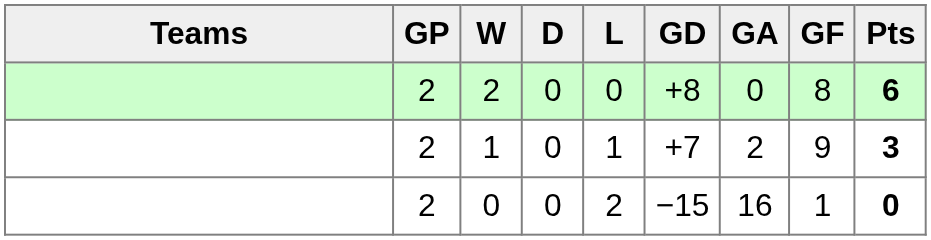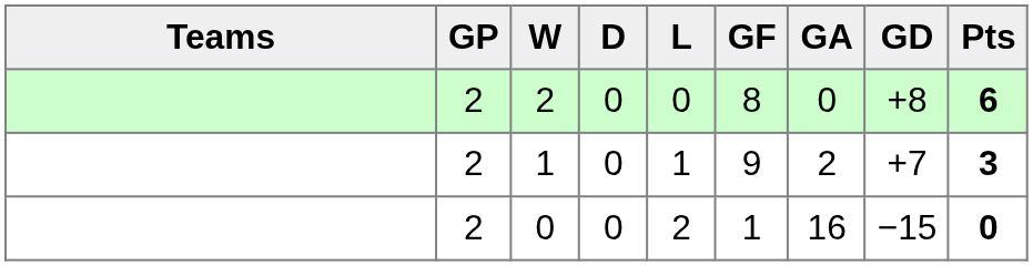 <table style=border-collapse:collapse border=1 cellspacing=0 cellpadding=5>
 <tr align=center bgcolor=#efefef>
 <th width=185>Teams</th>
 <th width=20>GP</th>
 <th width=20>W</th>
 <th width=20>D</th>
 <th width=20>L</th>
+<th width=20>GF</th>
+<th width=20>GA</th>
 <th width=20>GD</th>
-<th width=20>GA</th>
-<th width=20>GF</th>
 <th width=20>Pts</th>
 </tr>
 <tr align=center style="background:#ccffcc;">
 <td style="text-align:left;"></td>
 <td>2</td>
 <td>2</td>
 <td>0</td>
 <td>0</td>
+<td>8</td>
+<td>0</td>
 <td>+8</td>
-<td>0</td>
-<td>8</td>
 <td><strong>6</strong></td>
 </tr>
 <tr align=center>
 <td style="text-align:left;"></td>
 <td>2</td>
 <td>1</td>
 <td>0</td>
 <td>1</td>
+<td>9</td>
+<td>2</td>
 <td>+7</td>
-<td>2</td>
-<td>9</td>
 <td><strong>3</strong></td>
 </tr>
 <tr align=center>
 <td style="text-align:left;"></td>
 <td>2</td>
 <td>0</td>
 <td>0</td>
 <td>2</td>
+<td>1</td>
+<td>16</td>
 <td>−15</td>
-<td>16</td>
-<td>1</td>
 <td><strong>0</strong></td>
 </tr>
 </table>
